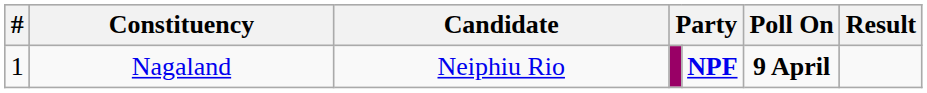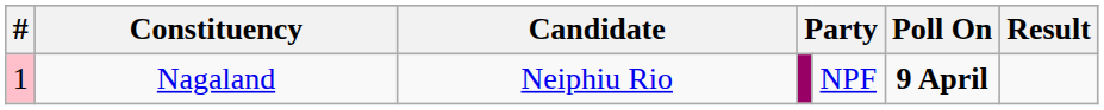 <table class="wikitable sortable" style="text-align:center;">
 <tr>
 <th>#</th>
 <th style="width:180px;">Constituency</th>
 <th style="width:200px;">Candidate</th>
 <th colspan="2">Party</th>
 <th>Poll On</th>
 <th>Result</th>
 </tr>
 <tr>
-<td style="text-align:center;">1</td>
+<td style="background: pink; text-align:center;">1</td>
 <td><a href='#'>Nagaland</a></td>
 <td><a href='#'>Neiphiu Rio</a></td>
 <td bgcolor=#990066></td>
-<td><strong><a href='#'>NPF</a></strong></td>
+<td><a href='#'>NPF</a></td>
 <td><strong>9 April</strong></td>
 <td></td>
 </tr>
 </table>
